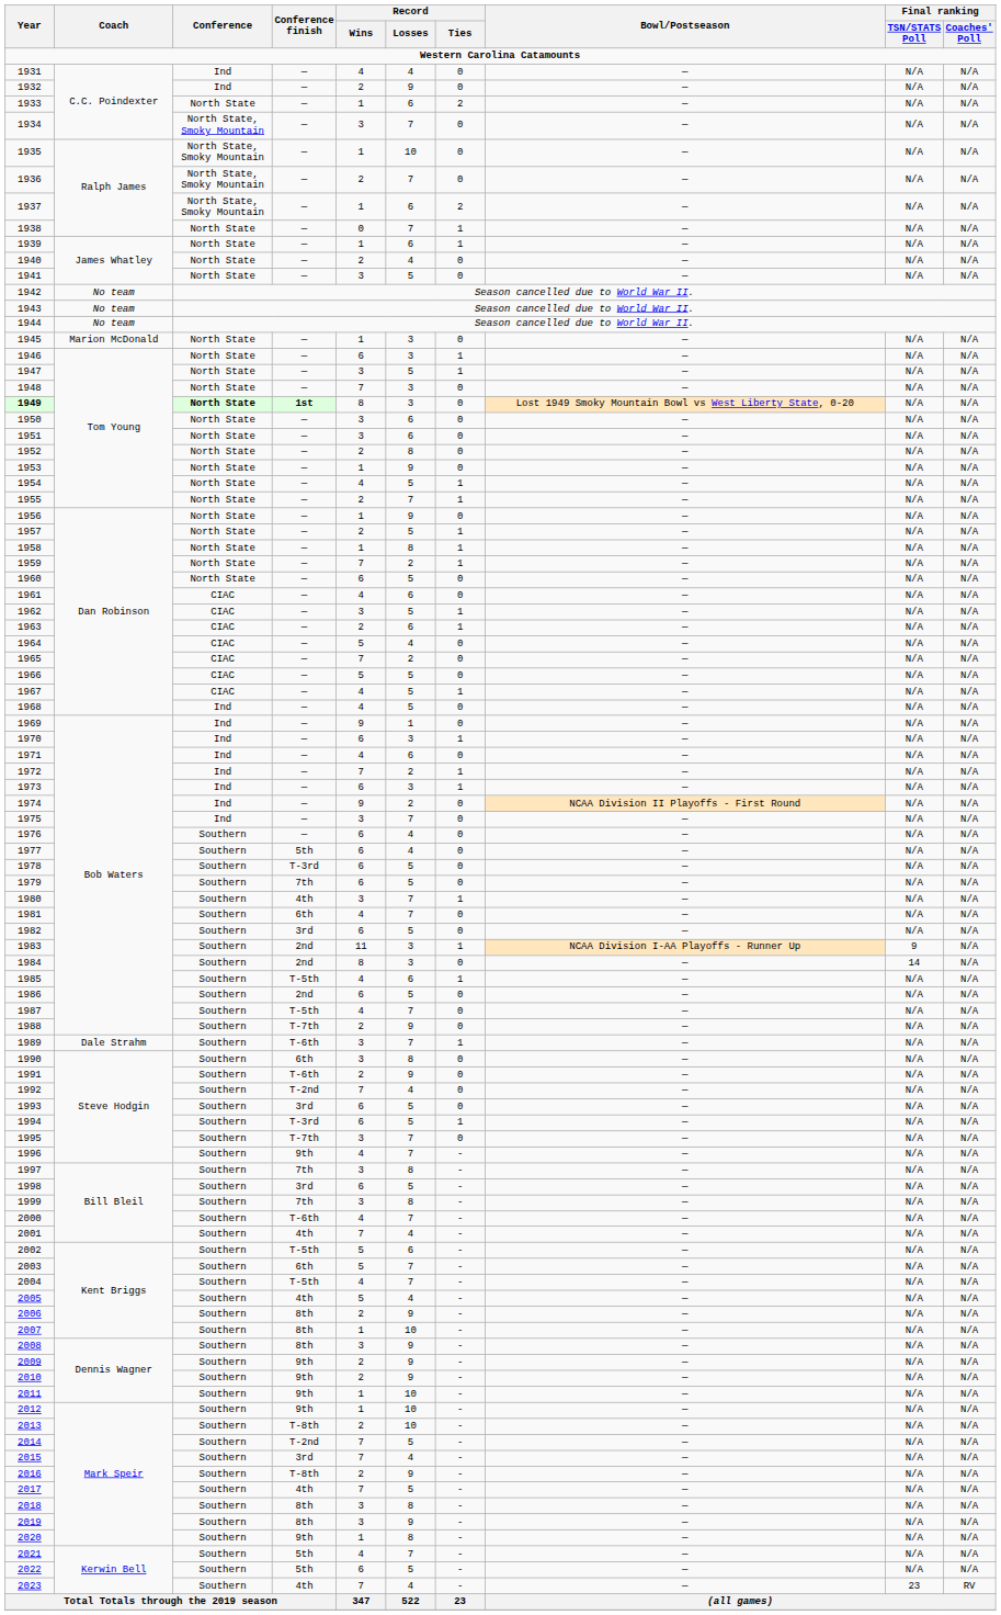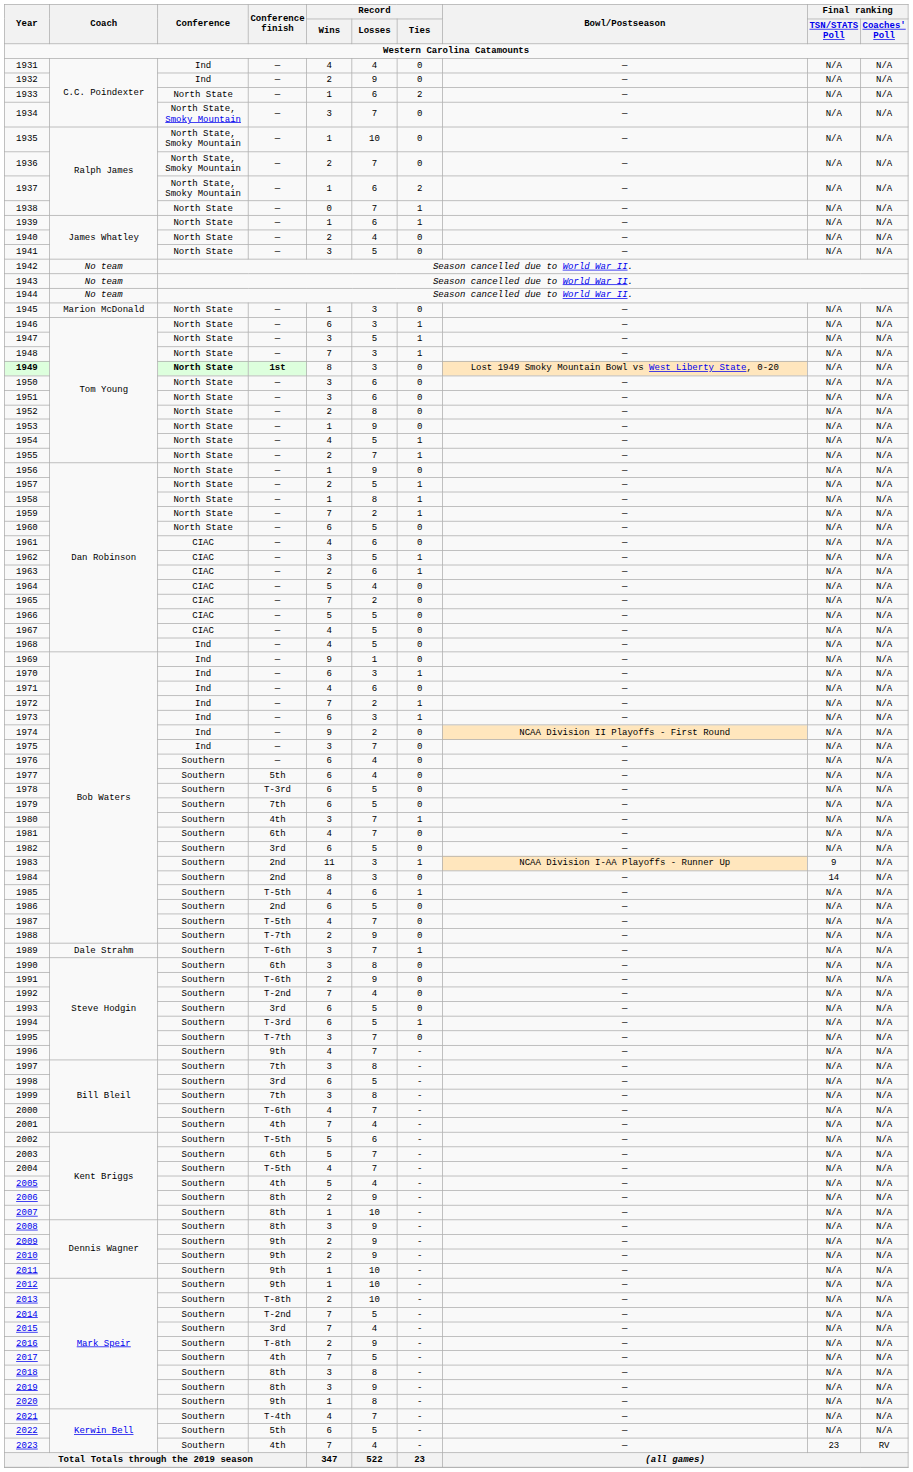 <table class="wikitable" style="font-size: 95%; width:98%;text-align:center;">
 <tr>
 <th rowspan="2" style="width:5%;">Year</th>
 <th rowspan="2" style="width:12%;">Coach</th>
 <th rowspan="2" style="width:10%;">Conference</th>
 <th rowspan="2" style="width:5%;">Conference finish</th>
 <th colspan="3" style="width:5%;">Record</th>
 <th rowspan="2" style="">Bowl/Postseason</th>
 <th colspan="2" style="width:12%;">Final ranking</th>
 </tr>
 <tr>
 <th style="width:5%;">Wins</th>
 <th style="width:5%;">Losses</th>
 <th style="width:5%;">Ties</th>
 <th style="width:5%;"><a href='#'>TSN/STATS Poll</a><br></th>
 <th style="width:5%;"><a href='#'>Coaches' Poll</a><br></th>
 </tr>
 <tr>
 <td Colspan="11"><strong>Western Carolina Catamounts</strong></td>
 </tr>
 <tr>
 <td>1931</td>
 <td rowspan="4">C.C. Poindexter</td>
 <td>Ind</td>
 <td>—</td>
 <td>4</td>
 <td>4</td>
 <td>0</td>
 <td>—</td>
 <td>N/A</td>
 <td>N/A</td>
 </tr>
 <tr>
 <td>1932</td>
 <td>Ind</td>
 <td>—</td>
 <td>2</td>
 <td>9</td>
 <td>0</td>
 <td>—</td>
 <td>N/A</td>
 <td>N/A</td>
 </tr>
 <tr>
 <td>1933</td>
 <td>North State</td>
 <td>—</td>
 <td>1</td>
 <td>6</td>
 <td>2</td>
 <td>—</td>
 <td>N/A</td>
 <td>N/A</td>
 </tr>
 <tr>
 <td>1934</td>
 <td>North State, <a href='#'>Smoky Mountain</a></td>
 <td>—</td>
 <td>3</td>
 <td>7</td>
 <td>0</td>
 <td>—</td>
 <td>N/A</td>
 <td>N/A</td>
 </tr>
 <tr>
 <td>1935</td>
 <td rowspan="4">Ralph James</td>
 <td>North State, Smoky Mountain</td>
 <td>—</td>
 <td>1</td>
 <td>10</td>
 <td>0</td>
 <td>—</td>
 <td>N/A</td>
 <td>N/A</td>
 </tr>
 <tr>
 <td>1936</td>
 <td>North State, Smoky Mountain</td>
 <td>—</td>
 <td>2</td>
 <td>7</td>
 <td>0</td>
 <td>—</td>
 <td>N/A</td>
 <td>N/A</td>
 </tr>
 <tr>
 <td>1937</td>
 <td>North State, Smoky Mountain</td>
 <td>—</td>
 <td>1</td>
 <td>6</td>
 <td>2</td>
 <td>—</td>
 <td>N/A</td>
 <td>N/A</td>
 </tr>
 <tr>
 <td>1938</td>
 <td>North State</td>
 <td>—</td>
 <td>0</td>
 <td>7</td>
 <td>1</td>
 <td>—</td>
 <td>N/A</td>
 <td>N/A</td>
 </tr>
 <tr>
 <td>1939</td>
 <td rowspan="3">James Whatley</td>
 <td>North State</td>
 <td>—</td>
 <td>1</td>
 <td>6</td>
 <td>1</td>
 <td>—</td>
 <td>N/A</td>
 <td>N/A</td>
 </tr>
 <tr>
 <td>1940</td>
 <td>North State</td>
 <td>—</td>
 <td>2</td>
 <td>4</td>
 <td>0</td>
 <td>—</td>
 <td>N/A</td>
 <td>N/A</td>
 </tr>
 <tr>
 <td>1941</td>
 <td>North State</td>
 <td>—</td>
 <td>3</td>
 <td>5</td>
 <td>0</td>
 <td>—</td>
 <td>N/A</td>
 <td>N/A</td>
 </tr>
 <tr>
 <td>1942</td>
 <td rowspan="1"><em>No team</em></td>
 <td colspan="8"><em>Season cancelled due to <a href='#'>World War II</a>.</em></td>
 </tr>
 <tr>
 <td>1943</td>
 <td rowspan="1"><em>No team</em></td>
 <td colspan="8"><em>Season cancelled due to <a href='#'>World War II</a>.</em></td>
 </tr>
 <tr>
 <td>1944</td>
 <td rowspan="1"><em>No team</em></td>
 <td colspan="8"><em>Season cancelled due to <a href='#'>World War II</a>.</em></td>
 </tr>
 <tr>
 <td>1945</td>
 <td rowspan="1">Marion McDonald</td>
 <td>North State</td>
 <td>—</td>
 <td>1</td>
 <td>3</td>
 <td>0</td>
 <td>—</td>
 <td>N/A</td>
 <td>N/A</td>
 </tr>
 <tr>
 <td>1946</td>
 <td rowspan="10">Tom Young</td>
 <td>North State</td>
 <td>—</td>
 <td>6</td>
 <td>3</td>
 <td>1</td>
 <td>—</td>
 <td>N/A</td>
 <td>N/A</td>
 </tr>
 <tr>
 <td>1947</td>
 <td>North State</td>
 <td>—</td>
 <td>3</td>
 <td>5</td>
 <td>1</td>
 <td>—</td>
 <td>N/A</td>
 <td>N/A</td>
 </tr>
 <tr>
 <td>1948</td>
 <td>North State</td>
 <td>—</td>
 <td>7</td>
 <td>3</td>
-<td>0</td>
+<td>1</td>
 <td>—</td>
 <td>N/A</td>
 <td>N/A</td>
 </tr>
 <tr>
 <td bgcolor="#ddffdd"><strong>1949</strong></td>
 <td bgcolor="#ddffdd"><strong>North State</strong></td>
 <td bgcolor="#ddffdd"><strong>1st</strong></td>
 <td>8</td>
 <td>3</td>
 <td>0</td>
 <td bgcolor="#ffe6bd">Lost 1949 Smoky Mountain Bowl vs <a href='#'>West Liberty State</a>, 0-20</td>
 <td>N/A</td>
 <td>N/A</td>
 </tr>
 <tr>
 <td>1950</td>
 <td>North State</td>
 <td>—</td>
 <td>3</td>
 <td>6</td>
 <td>0</td>
 <td>—</td>
 <td>N/A</td>
 <td>N/A</td>
 </tr>
 <tr>
 <td>1951</td>
 <td>North State</td>
 <td>—</td>
 <td>3</td>
 <td>6</td>
 <td>0</td>
 <td>—</td>
 <td>N/A</td>
 <td>N/A</td>
 </tr>
 <tr>
 <td>1952</td>
 <td>North State</td>
 <td>—</td>
 <td>2</td>
 <td>8</td>
 <td>0</td>
 <td>—</td>
 <td>N/A</td>
 <td>N/A</td>
 </tr>
 <tr>
 <td>1953</td>
 <td>North State</td>
 <td>—</td>
 <td>1</td>
 <td>9</td>
 <td>0</td>
 <td>—</td>
 <td>N/A</td>
 <td>N/A</td>
 </tr>
 <tr>
 <td>1954</td>
 <td>North State</td>
 <td>—</td>
 <td>4</td>
 <td>5</td>
 <td>1</td>
 <td>—</td>
 <td>N/A</td>
 <td>N/A</td>
 </tr>
 <tr>
 <td>1955</td>
 <td>North State</td>
 <td>—</td>
 <td>2</td>
 <td>7</td>
 <td>1</td>
 <td>—</td>
 <td>N/A</td>
 <td>N/A</td>
 </tr>
 <tr>
 <td>1956</td>
 <td rowspan="13">Dan Robinson</td>
 <td>North State</td>
 <td>—</td>
 <td>1</td>
 <td>9</td>
 <td>0</td>
 <td>—</td>
 <td>N/A</td>
 <td>N/A</td>
 </tr>
 <tr>
 <td>1957</td>
 <td>North State</td>
 <td>—</td>
 <td>2</td>
 <td>5</td>
 <td>1</td>
 <td>—</td>
 <td>N/A</td>
 <td>N/A</td>
 </tr>
 <tr>
 <td>1958</td>
 <td>North State</td>
 <td>—</td>
 <td>1</td>
 <td>8</td>
 <td>1</td>
 <td>—</td>
 <td>N/A</td>
 <td>N/A</td>
 </tr>
 <tr>
 <td>1959</td>
 <td>North State</td>
 <td>—</td>
 <td>7</td>
 <td>2</td>
 <td>1</td>
 <td>—</td>
 <td>N/A</td>
 <td>N/A</td>
 </tr>
 <tr>
 <td>1960</td>
 <td>North State</td>
 <td>—</td>
 <td>6</td>
 <td>5</td>
 <td>0</td>
 <td>—</td>
 <td>N/A</td>
 <td>N/A</td>
 </tr>
 <tr>
 <td>1961</td>
 <td>CIAC</td>
 <td>—</td>
 <td>4</td>
 <td>6</td>
 <td>0</td>
 <td>—</td>
 <td>N/A</td>
 <td>N/A</td>
 </tr>
 <tr>
 <td>1962</td>
 <td>CIAC</td>
 <td>—</td>
 <td>3</td>
 <td>5</td>
 <td>1</td>
 <td>—</td>
 <td>N/A</td>
 <td>N/A</td>
 </tr>
 <tr>
 <td>1963</td>
 <td>CIAC</td>
 <td>—</td>
 <td>2</td>
 <td>6</td>
 <td>1</td>
 <td>—</td>
 <td>N/A</td>
 <td>N/A</td>
 </tr>
 <tr>
 <td>1964</td>
 <td>CIAC</td>
 <td>—</td>
 <td>5</td>
 <td>4</td>
 <td>0</td>
 <td>—</td>
 <td>N/A</td>
 <td>N/A</td>
 </tr>
 <tr>
 <td>1965</td>
 <td>CIAC</td>
 <td>—</td>
 <td>7</td>
 <td>2</td>
 <td>0</td>
 <td>—</td>
 <td>N/A</td>
 <td>N/A</td>
 </tr>
 <tr>
 <td>1966</td>
 <td>CIAC</td>
 <td>—</td>
 <td>5</td>
 <td>5</td>
 <td>0</td>
 <td>—</td>
 <td>N/A</td>
 <td>N/A</td>
 </tr>
 <tr>
 <td>1967</td>
 <td>CIAC</td>
 <td>—</td>
 <td>4</td>
 <td>5</td>
-<td>1</td>
+<td>0</td>
 <td>—</td>
 <td>N/A</td>
 <td>N/A</td>
 </tr>
 <tr>
 <td>1968</td>
 <td>Ind</td>
 <td>—</td>
 <td>4</td>
 <td>5</td>
 <td>0</td>
 <td>—</td>
 <td>N/A</td>
 <td>N/A</td>
 </tr>
 <tr>
 <td>1969</td>
 <td rowspan="20">Bob Waters</td>
 <td>Ind</td>
 <td>—</td>
 <td>9</td>
 <td>1</td>
 <td>0</td>
 <td>—</td>
 <td>N/A</td>
 <td>N/A</td>
 </tr>
 <tr>
 <td>1970</td>
 <td>Ind</td>
 <td>—</td>
 <td>6</td>
 <td>3</td>
 <td>1</td>
 <td>—</td>
 <td>N/A</td>
 <td>N/A</td>
 </tr>
 <tr>
 <td>1971</td>
 <td>Ind</td>
 <td>—</td>
 <td>4</td>
 <td>6</td>
 <td>0</td>
 <td>—</td>
 <td>N/A</td>
 <td>N/A</td>
 </tr>
 <tr>
 <td>1972</td>
 <td>Ind</td>
 <td>—</td>
 <td>7</td>
 <td>2</td>
 <td>1</td>
 <td>—</td>
 <td>N/A</td>
 <td>N/A</td>
 </tr>
 <tr>
 <td>1973</td>
 <td>Ind</td>
 <td>—</td>
 <td>6</td>
 <td>3</td>
 <td>1</td>
 <td>—</td>
 <td>N/A</td>
 <td>N/A</td>
 </tr>
 <tr>
 <td>1974</td>
 <td>Ind</td>
 <td>—</td>
 <td>9</td>
 <td>2</td>
 <td>0</td>
 <td bgcolor="#ffe6bd">NCAA Division II Playoffs - First Round</td>
 <td>N/A</td>
 <td>N/A</td>
 </tr>
 <tr>
 <td>1975</td>
 <td>Ind</td>
 <td>—</td>
 <td>3</td>
 <td>7</td>
 <td>0</td>
 <td>—</td>
 <td>N/A</td>
 <td>N/A</td>
 </tr>
 <tr>
 <td>1976</td>
 <td>Southern</td>
 <td>—</td>
 <td>6</td>
 <td>4</td>
 <td>0</td>
 <td>—</td>
 <td>N/A</td>
 <td>N/A</td>
 </tr>
 <tr>
 <td>1977</td>
 <td>Southern</td>
 <td>5th</td>
 <td>6</td>
 <td>4</td>
 <td>0</td>
 <td>—</td>
 <td>N/A</td>
 <td>N/A</td>
 </tr>
 <tr>
 <td>1978</td>
 <td>Southern</td>
 <td>T-3rd</td>
 <td>6</td>
 <td>5</td>
 <td>0</td>
 <td>—</td>
 <td>N/A</td>
 <td>N/A</td>
 </tr>
 <tr>
 <td>1979</td>
 <td>Southern</td>
 <td>7th</td>
 <td>6</td>
 <td>5</td>
 <td>0</td>
 <td>—</td>
 <td>N/A</td>
 <td>N/A</td>
 </tr>
 <tr>
 <td>1980</td>
 <td>Southern</td>
 <td>4th</td>
 <td>3</td>
 <td>7</td>
 <td>1</td>
 <td>—</td>
 <td>N/A</td>
 <td>N/A</td>
 </tr>
 <tr>
 <td>1981</td>
 <td>Southern</td>
 <td>6th</td>
 <td>4</td>
 <td>7</td>
 <td>0</td>
 <td>—</td>
 <td>N/A</td>
 <td>N/A</td>
 </tr>
 <tr>
 <td>1982</td>
 <td>Southern</td>
 <td>3rd</td>
 <td>6</td>
 <td>5</td>
 <td>0</td>
 <td>—</td>
 <td>N/A</td>
 <td>N/A</td>
 </tr>
 <tr>
 <td>1983</td>
 <td>Southern</td>
 <td>2nd</td>
 <td>11</td>
 <td>3</td>
 <td>1</td>
 <td bgcolor="#ffe6bd">NCAA Division I-AA Playoffs - Runner Up</td>
 <td>9</td>
 <td>N/A</td>
 </tr>
 <tr>
 <td>1984</td>
 <td>Southern</td>
 <td>2nd</td>
 <td>8</td>
 <td>3</td>
 <td>0</td>
 <td>—</td>
 <td>14</td>
 <td>N/A</td>
 </tr>
 <tr>
 <td>1985</td>
 <td>Southern</td>
 <td>T-5th</td>
 <td>4</td>
 <td>6</td>
 <td>1</td>
 <td>—</td>
 <td>N/A</td>
 <td>N/A</td>
 </tr>
 <tr>
 <td>1986</td>
 <td>Southern</td>
 <td>2nd</td>
 <td>6</td>
 <td>5</td>
 <td>0</td>
 <td>—</td>
 <td>N/A</td>
 <td>N/A</td>
 </tr>
 <tr>
 <td>1987</td>
 <td>Southern</td>
 <td>T-5th</td>
 <td>4</td>
 <td>7</td>
 <td>0</td>
 <td>—</td>
 <td>N/A</td>
 <td>N/A</td>
 </tr>
 <tr>
 <td>1988</td>
 <td>Southern</td>
 <td>T-7th</td>
 <td>2</td>
 <td>9</td>
 <td>0</td>
 <td>—</td>
 <td>N/A</td>
 <td>N/A</td>
 </tr>
 <tr>
 <td>1989</td>
 <td rowspan="1">Dale Strahm</td>
 <td>Southern</td>
 <td>T-6th</td>
 <td>3</td>
 <td>7</td>
 <td>1</td>
 <td>—</td>
 <td>N/A</td>
 <td>N/A</td>
 </tr>
 <tr>
 <td>1990</td>
 <td rowspan="7">Steve Hodgin</td>
 <td>Southern</td>
 <td>6th</td>
 <td>3</td>
 <td>8</td>
 <td>0</td>
 <td>—</td>
 <td>N/A</td>
 <td>N/A</td>
 </tr>
 <tr>
 <td>1991</td>
 <td>Southern</td>
 <td>T-6th</td>
 <td>2</td>
 <td>9</td>
 <td>0</td>
 <td>—</td>
 <td>N/A</td>
 <td>N/A</td>
 </tr>
 <tr>
 <td>1992</td>
 <td>Southern</td>
 <td>T-2nd</td>
 <td>7</td>
 <td>4</td>
 <td>0</td>
 <td>—</td>
 <td>N/A</td>
 <td>N/A</td>
 </tr>
 <tr>
 <td>1993</td>
 <td>Southern</td>
 <td>3rd</td>
 <td>6</td>
 <td>5</td>
 <td>0</td>
 <td>—</td>
 <td>N/A</td>
 <td>N/A</td>
 </tr>
 <tr>
 <td>1994</td>
 <td>Southern</td>
 <td>T-3rd</td>
 <td>6</td>
 <td>5</td>
 <td>1</td>
 <td>—</td>
 <td>N/A</td>
 <td>N/A</td>
 </tr>
 <tr>
 <td>1995</td>
 <td>Southern</td>
 <td>T-7th</td>
 <td>3</td>
 <td>7</td>
 <td>0</td>
 <td>—</td>
 <td>N/A</td>
 <td>N/A</td>
 </tr>
 <tr>
 <td>1996</td>
 <td>Southern</td>
 <td>9th</td>
 <td>4</td>
 <td>7</td>
 <td>-</td>
 <td>—</td>
 <td>N/A</td>
 <td>N/A</td>
 </tr>
 <tr>
 <td>1997</td>
 <td rowspan="5">Bill Bleil</td>
 <td>Southern</td>
 <td>7th</td>
 <td>3</td>
 <td>8</td>
 <td>-</td>
 <td>—</td>
 <td>N/A</td>
 <td>N/A</td>
 </tr>
 <tr>
 <td>1998</td>
 <td>Southern</td>
 <td>3rd</td>
 <td>6</td>
 <td>5</td>
 <td>-</td>
 <td>—</td>
 <td>N/A</td>
 <td>N/A</td>
 </tr>
 <tr>
 <td>1999</td>
 <td>Southern</td>
 <td>7th</td>
 <td>3</td>
 <td>8</td>
 <td>-</td>
 <td>—</td>
 <td>N/A</td>
 <td>N/A</td>
 </tr>
 <tr>
 <td>2000</td>
 <td>Southern</td>
 <td>T-6th</td>
 <td>4</td>
 <td>7</td>
 <td>-</td>
 <td>—</td>
 <td>N/A</td>
 <td>N/A</td>
 </tr>
 <tr>
 <td>2001</td>
 <td>Southern</td>
 <td>4th</td>
 <td>7</td>
 <td>4</td>
 <td>-</td>
 <td>—</td>
 <td>N/A</td>
 <td>N/A</td>
 </tr>
 <tr>
 <td>2002</td>
 <td rowspan="6">Kent Briggs</td>
 <td>Southern</td>
 <td>T-5th</td>
 <td>5</td>
 <td>6</td>
 <td>-</td>
 <td>—</td>
 <td>N/A</td>
 <td>N/A</td>
 </tr>
 <tr>
 <td>2003</td>
 <td>Southern</td>
 <td>6th</td>
 <td>5</td>
 <td>7</td>
 <td>-</td>
 <td>—</td>
 <td>N/A</td>
 <td>N/A</td>
 </tr>
 <tr>
 <td>2004</td>
 <td>Southern</td>
 <td>T-5th</td>
 <td>4</td>
 <td>7</td>
 <td>-</td>
 <td>—</td>
 <td>N/A</td>
 <td>N/A</td>
 </tr>
 <tr>
 <td><a href='#'>2005</a></td>
 <td>Southern</td>
 <td>4th</td>
 <td>5</td>
 <td>4</td>
 <td>-</td>
 <td>—</td>
 <td>N/A</td>
 <td>N/A</td>
 </tr>
 <tr>
 <td><a href='#'>2006</a></td>
 <td>Southern</td>
 <td>8th</td>
 <td>2</td>
 <td>9</td>
 <td>-</td>
 <td>—</td>
 <td>N/A</td>
 <td>N/A</td>
 </tr>
 <tr>
 <td><a href='#'>2007</a></td>
 <td>Southern</td>
 <td>8th</td>
 <td>1</td>
 <td>10</td>
 <td>-</td>
 <td>—</td>
 <td>N/A</td>
 <td>N/A</td>
 </tr>
 <tr>
 <td><a href='#'>2008</a></td>
 <td rowspan="4">Dennis Wagner</td>
 <td>Southern</td>
 <td>8th</td>
 <td>3</td>
 <td>9</td>
 <td>-</td>
 <td>—</td>
 <td>N/A</td>
 <td>N/A</td>
 </tr>
 <tr>
 <td><a href='#'>2009</a></td>
 <td>Southern</td>
 <td>9th</td>
 <td>2</td>
 <td>9</td>
 <td>-</td>
 <td>—</td>
 <td>N/A</td>
 <td>N/A</td>
 </tr>
 <tr>
 <td><a href='#'>2010</a></td>
 <td>Southern</td>
 <td>9th</td>
 <td>2</td>
 <td>9</td>
 <td>-</td>
 <td>—</td>
 <td>N/A</td>
 <td>N/A</td>
 </tr>
 <tr>
 <td><a href='#'>2011</a></td>
 <td>Southern</td>
 <td>9th</td>
 <td>1</td>
 <td>10</td>
 <td>-</td>
 <td>—</td>
 <td>N/A</td>
 <td>N/A</td>
 </tr>
 <tr>
 <td><a href='#'>2012</a></td>
 <td rowspan="9"><a href='#'>Mark Speir</a></td>
 <td>Southern</td>
 <td>9th</td>
 <td>1</td>
 <td>10</td>
 <td>-</td>
 <td>—</td>
 <td>N/A</td>
 <td>N/A</td>
 </tr>
 <tr>
 <td><a href='#'>2013</a></td>
 <td>Southern</td>
 <td>T-8th</td>
 <td>2</td>
 <td>10</td>
 <td>-</td>
 <td>—</td>
 <td>N/A</td>
 <td>N/A</td>
 </tr>
 <tr>
 <td><a href='#'>2014</a></td>
 <td>Southern</td>
 <td>T-2nd</td>
 <td>7</td>
 <td>5</td>
 <td>-</td>
 <td>—</td>
 <td>N/A</td>
 <td>N/A</td>
 </tr>
 <tr>
 <td><a href='#'>2015</a></td>
 <td>Southern</td>
 <td>3rd</td>
 <td>7</td>
 <td>4</td>
 <td>-</td>
 <td>—</td>
 <td>N/A</td>
 <td>N/A</td>
 </tr>
 <tr>
 <td><a href='#'>2016</a></td>
 <td>Southern</td>
 <td>T-8th</td>
 <td>2</td>
 <td>9</td>
 <td>-</td>
 <td>—</td>
 <td>N/A</td>
 <td>N/A</td>
 </tr>
 <tr>
 <td><a href='#'>2017</a></td>
 <td>Southern</td>
 <td>4th</td>
 <td>7</td>
 <td>5</td>
 <td>-</td>
 <td>—</td>
 <td>N/A</td>
 <td>N/A</td>
 </tr>
 <tr>
 <td><a href='#'>2018</a></td>
 <td>Southern</td>
 <td>8th</td>
 <td>3</td>
 <td>8</td>
 <td>-</td>
 <td>—</td>
 <td>N/A</td>
 <td>N/A</td>
 </tr>
 <tr>
 <td><a href='#'>2019</a></td>
 <td>Southern</td>
 <td>8th</td>
 <td>3</td>
 <td>9</td>
 <td>-</td>
 <td>—</td>
 <td>N/A</td>
 <td>N/A</td>
 </tr>
 <tr>
 <td><a href='#'>2020</a></td>
 <td>Southern</td>
 <td>9th</td>
 <td>1</td>
 <td>8</td>
 <td>-</td>
 <td>—</td>
 <td>N/A</td>
 <td>N/A</td>
 </tr>
 <tr>
 <td><a href='#'>2021</a></td>
 <td rowspan="3"><a href='#'>Kerwin Bell</a></td>
 <td>Southern</td>
-<td>5th</td>
+<td>T-4th</td>
 <td>4</td>
 <td>7</td>
 <td>-</td>
 <td>—</td>
 <td>N/A</td>
 <td>N/A</td>
 </tr>
 <tr>
 <td><a href='#'>2022</a></td>
 <td>Southern</td>
 <td>5th</td>
 <td>6</td>
 <td>5</td>
 <td>-</td>
 <td>—</td>
 <td>N/A</td>
 <td>N/A</td>
 </tr>
 <tr>
 <td><a href='#'>2023</a></td>
 <td>Southern</td>
 <td>4th</td>
 <td>7</td>
 <td>4</td>
 <td>-</td>
 <td>—</td>
 <td>23</td>
 <td>RV</td>
 </tr>
 <tr>
 <th colspan="4" rowspan="1" align="center">Total Totals through the 2019 season</th>
 <th align="center">347</th>
 <th align="center">522</th>
 <th align="center">23</th>
 <th colspan="3" align="center"><em>(all games)</em></th>
 </tr>
 <tr>
 </tr>
 </table>
